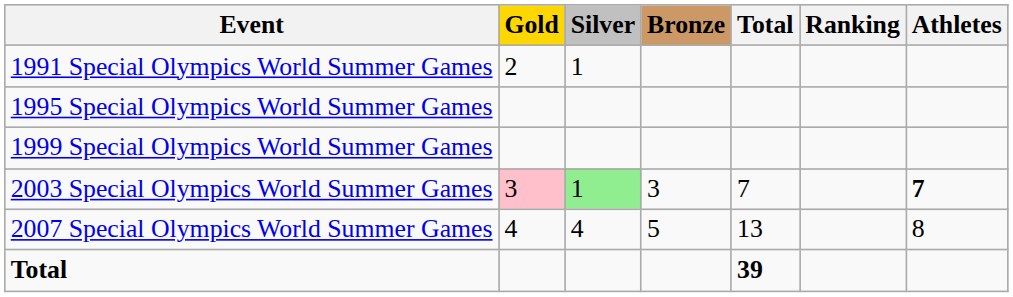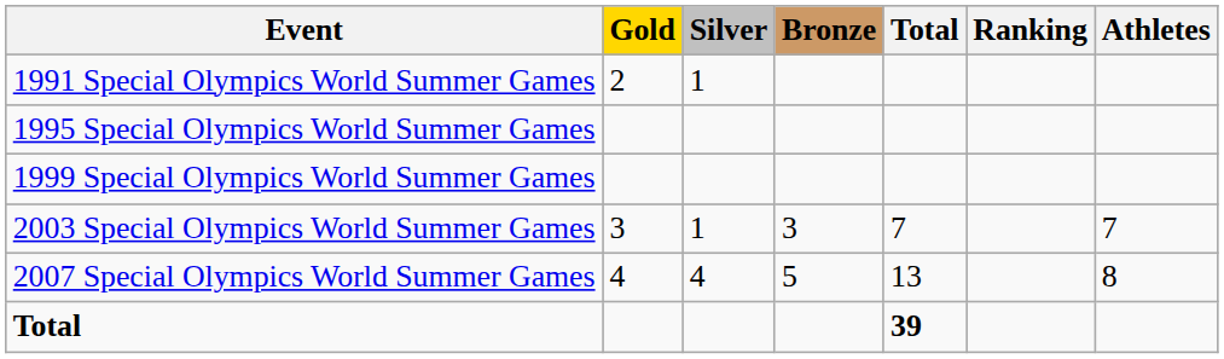 <table class="wikitable">
 <tr>
 <th>Event</th>
 <td style="background:gold; font-weight:bold;">Gold</td>
 <td style="background:silver; font-weight:bold;">Silver</td>
 <td style="background:#cc9966; font-weight:bold;">Bronze</td>
 <th>Total</th>
 <th>Ranking</th>
 <th>Athletes</th>
 </tr>
 <tr>
 <td><a href='#'>1991 Special Olympics World Summer Games</a></td>
 <td>2</td>
 <td>1</td>
 <td></td>
 <td></td>
 <td></td>
 <td></td>
 </tr>
 <tr>
 <td><a href='#'>1995 Special Olympics World Summer Games</a></td>
 <td></td>
 <td></td>
 <td></td>
 <td></td>
 <td></td>
 <td></td>
 </tr>
 <tr>
 <td><a href='#'>1999 Special Olympics World Summer Games</a></td>
 <td></td>
 <td></td>
 <td></td>
 <td></td>
 <td></td>
 <td></td>
 </tr>
 <tr>
 <td><a href='#'>2003 Special Olympics World Summer Games</a></td>
-<td style="background: pink;">3</td>
-<td style="background: lightgreen;">1</td>
+<td>3</td>
+<td>1</td>
 <td>3</td>
 <td>7</td>
 <td></td>
-<td><strong>7</strong></td>
+<td>7</td>
 </tr>
 <tr>
 <td><a href='#'>2007 Special Olympics World Summer Games</a></td>
 <td>4</td>
 <td>4</td>
 <td>5</td>
 <td>13</td>
 <td></td>
 <td>8</td>
 </tr>
 <tr>
 <td><strong> Total</strong></td>
 <td><strong> </strong></td>
 <td><strong> </strong></td>
 <td><strong> </strong></td>
 <td><strong>39</strong></td>
 <td></td>
 </tr>
 </table>
